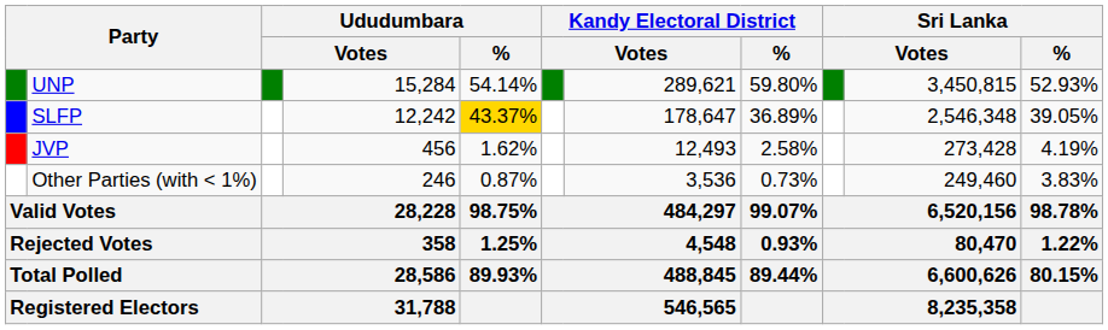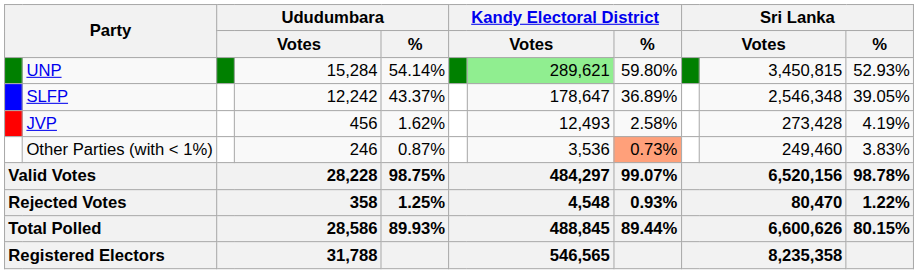 <table class="wikitable">
 <tr>
 <th colspan="2" width="144px"rowspan="2">Party</th>
 <th colspan="3" width="216px">Ududumbara</th>
 <th colspan="3" width="216px"><a href='#'>Kandy Electoral District</a></th>
 <th colspan="3" width="216px">Sri Lanka</th>
 </tr>
 <tr>
 <th colspan="2" width="144px">Votes</th>
 <th>%</th>
 <th colspan="2" width="144px">Votes</th>
 <th>%</th>
 <th colspan="2" width="144px">Votes</th>
 <th>%</th>
 </tr>
 <tr>
 <td style="background-color:green;" width="10px"></td>
 <td style="text-align:left;"><a href='#'>UNP</a></td>
 <td style="background-color:green;" width="10px"></td>
 <td style="text-align:right;">15,284</td>
 <td style="text-align:right;">54.14%</td>
 <td style="background-color:green;" width="10px"></td>
-<td style="text-align:right;">289,621</td>
+<td style="background: lightgreen; text-align:right;">289,621</td>
 <td style="text-align:right;">59.80%</td>
 <td style="background-color:green;" width="10px"></td>
 <td style="text-align:right;">3,450,815</td>
 <td style="text-align:right;">52.93%</td>
 </tr>
 <tr>
 <td style="background-color:blue;" width="10px"></td>
 <td style="text-align:left;"><a href='#'>SLFP</a></td>
 <td style="background-color:white;" width="10px"></td>
 <td style="text-align:right;">12,242</td>
-<td style="background: gold; text-align:right;">43.37%</td>
+<td style="text-align:right;">43.37%</td>
 <td style="background-color:white;" width="10px"></td>
 <td style="text-align:right;">178,647</td>
 <td style="text-align:right;">36.89%</td>
 <td style="background-color:white;" width="10px"></td>
 <td style="text-align:right;">2,546,348</td>
 <td style="text-align:right;">39.05%</td>
 </tr>
 <tr>
 <td style="background-color:red;" width="10px"></td>
 <td style="text-align:left;"><a href='#'>JVP</a></td>
 <td style="background-color:white;" width="10px"></td>
 <td style="text-align:right;">456</td>
 <td style="text-align:right;">1.62%</td>
 <td style="background-color:white;" width="10px"></td>
 <td style="text-align:right;">12,493</td>
 <td style="text-align:right;">2.58%</td>
 <td style="background-color:white;" width="10px"></td>
 <td style="text-align:right;">273,428</td>
 <td style="text-align:right;">4.19%</td>
 </tr>
 <tr>
 <td style="background-color:white;" width="10px"></td>
 <td style="text-align:left;">Other Parties (with < 1%)</td>
 <td style="background-color:white;" width="10px"></td>
 <td style="text-align:right;">246</td>
 <td style="text-align:right;">0.87%</td>
 <td style="background-color:white;" width="10px"></td>
 <td style="text-align:right;">3,536</td>
-<td style="text-align:right;">0.73%</td>
+<td style="background: lightsalmon; text-align:right;">0.73%</td>
 <td style="background-color:white;" width="10px"></td>
 <td style="text-align:right;">249,460</td>
 <td style="text-align:right;">3.83%</td>
 </tr>
 <tr>
 <th colspan="2" width="144px"style="text-align:left;">Valid Votes</th>
 <th style="text-align:right;"colspan="2" width="144px">28,228</th>
 <th style="text-align:right;">98.75%</th>
 <th style="text-align:right;"colspan="2" width="144px">484,297</th>
 <th style="text-align:right;">99.07%</th>
 <th style="text-align:right;"colspan="2" width="144px">6,520,156</th>
 <th style="text-align:right;">98.78%</th>
 </tr>
 <tr>
 <th colspan="2" width="144px"style="text-align:left;">Rejected Votes</th>
 <th style="text-align:right;"colspan="2" width="144px">358</th>
 <th style="text-align:right;">1.25%</th>
 <th style="text-align:right;"colspan="2" width="144px">4,548</th>
 <th style="text-align:right;">0.93%</th>
 <th style="text-align:right;"colspan="2" width="144px">80,470</th>
 <th style="text-align:right;">1.22%</th>
 </tr>
 <tr>
 <th colspan="2" width="144px"style="text-align:left;">Total Polled</th>
 <th style="text-align:right;"colspan="2" width="144px">28,586</th>
 <th style="text-align:right;">89.93%</th>
 <th style="text-align:right;"colspan="2" width="144px">488,845</th>
 <th style="text-align:right;">89.44%</th>
 <th style="text-align:right;"colspan="2" width="144px">6,600,626</th>
 <th style="text-align:right;">80.15%</th>
 </tr>
 <tr>
 <th colspan="2" width="144px"style="text-align:left;">Registered Electors</th>
 <th style="text-align:right;"colspan="2" width="144px">31,788</th>
 <th></th>
 <th style="text-align:right;"colspan="2" width="144px">546,565</th>
 <th></th>
 <th style="text-align:right;"colspan="2" width="144px">8,235,358</th>
 <th></th>
 </tr>
 </table>
